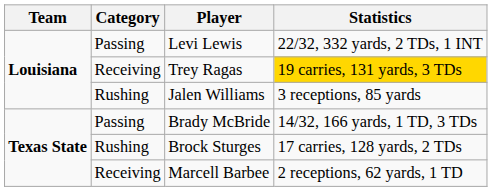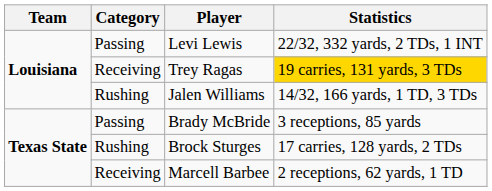 <table class="wikitable" style="float: left;">
 <tr>
 <th>Team</th>
 <th>Category</th>
 <th>Player</th>
 <th>Statistics</th>
 </tr>
 <tr>
 <td rowspan=3><strong>Louisiana</strong></td>
 <td>Passing</td>
 <td>Levi Lewis</td>
 <td>22/32, 332 yards, 2 TDs, 1 INT</td>
 </tr>
 <tr>
 <td>Receiving</td>
 <td>Trey Ragas</td>
 <td style="background: gold;">19 carries, 131 yards, 3 TDs</td>
 </tr>
 <tr>
 <td>Rushing</td>
 <td>Jalen Williams</td>
-<td>3 receptions, 85 yards</td>
+<td>14/32, 166 yards, 1 TD, 3 TDs</td>
 </tr>
 <tr>
 <td rowspan=3><strong>Texas State</strong></td>
 <td>Passing</td>
 <td>Brady McBride</td>
-<td>14/32, 166 yards, 1 TD, 3 TDs</td>
+<td>3 receptions, 85 yards</td>
 </tr>
 <tr>
 <td>Rushing</td>
 <td>Brock Sturges</td>
 <td>17 carries, 128 yards, 2 TDs</td>
 </tr>
 <tr>
 <td>Receiving</td>
 <td>Marcell Barbee</td>
 <td>2 receptions, 62 yards, 1 TD</td>
 </tr>
 </table>
